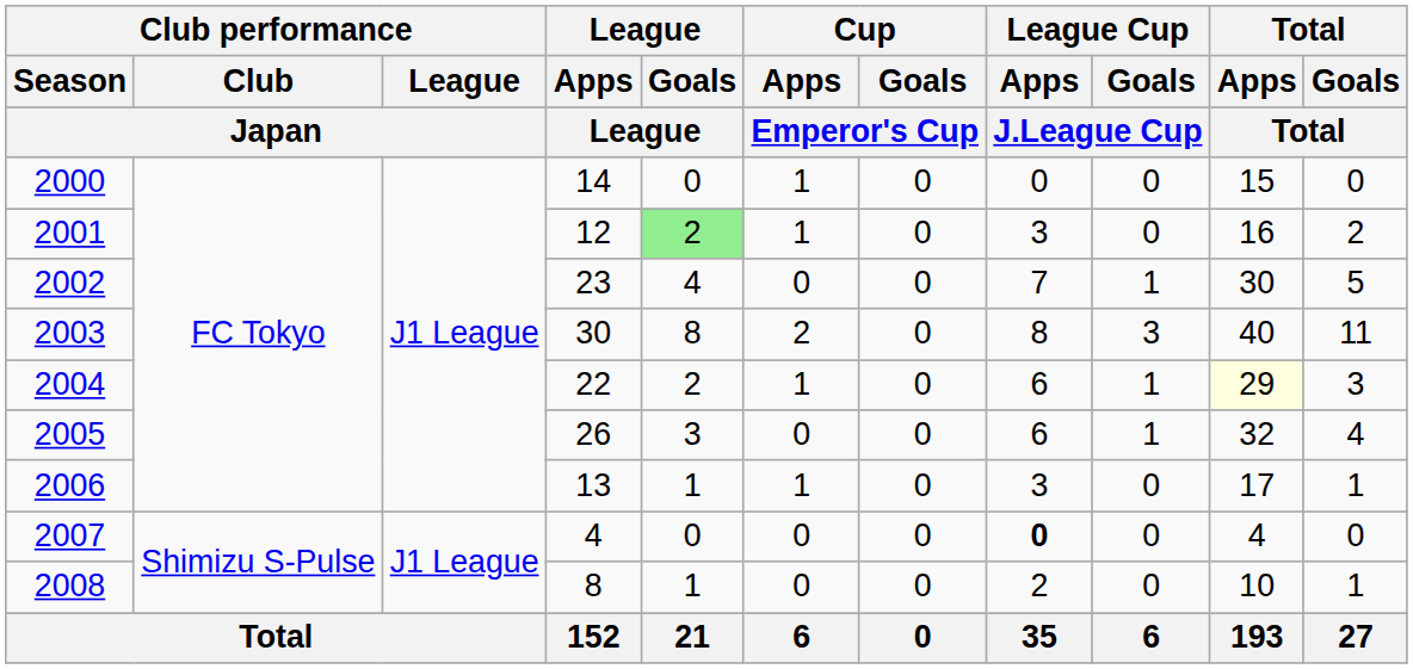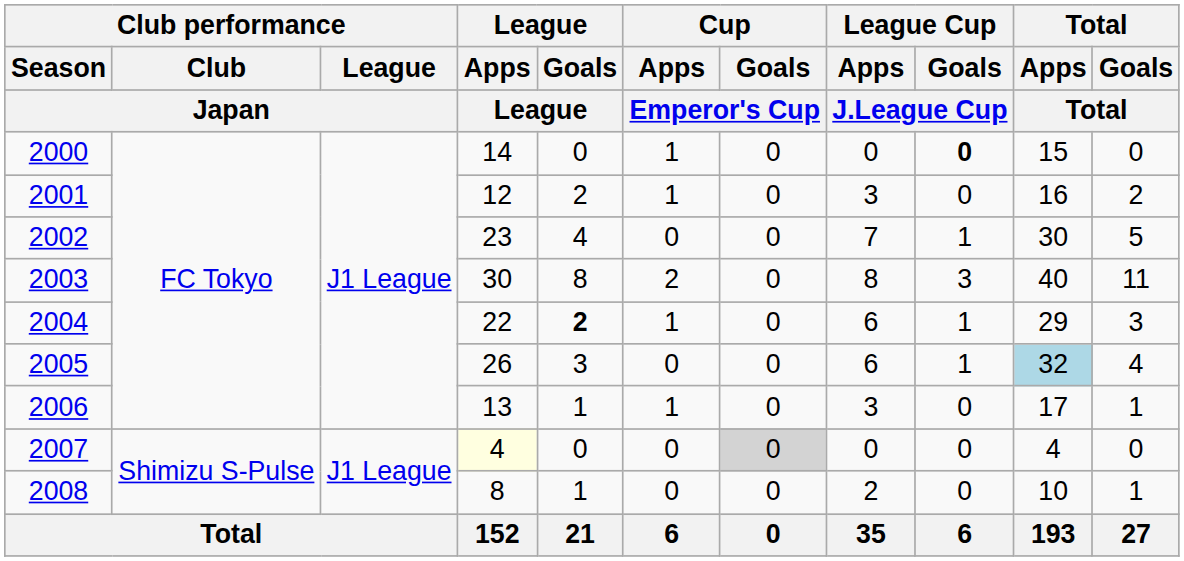 <table class="wikitable" style="text-align:center;">
 <tr>
 <th colspan=3>Club performance</th>
 <th colspan=2>League</th>
 <th colspan=2>Cup</th>
 <th colspan=2>League Cup</th>
 <th colspan=2>Total</th>
 </tr>
 <tr>
 <th>Season</th>
 <th>Club</th>
 <th>League</th>
 <th>Apps</th>
 <th>Goals</th>
 <th>Apps</th>
 <th>Goals</th>
 <th>Apps</th>
 <th>Goals</th>
 <th>Apps</th>
 <th>Goals</th>
 </tr>
 <tr>
 <th colspan=3>Japan</th>
 <th colspan=2>League</th>
 <th colspan=2><a href='#'>Emperor's Cup</a></th>
 <th colspan=2><a href='#'>J.League Cup</a></th>
 <th colspan=2>Total</th>
 </tr>
 <tr>
 <td><a href='#'>2000</a></td>
 <td rowspan="7"><a href='#'>FC Tokyo</a></td>
 <td rowspan="7"><a href='#'>J1 League</a></td>
 <td>14</td>
 <td>0</td>
 <td>1</td>
 <td>0</td>
 <td>0</td>
-<td>0</td>
+<td><strong>0</strong></td>
 <td>15</td>
 <td>0</td>
 </tr>
 <tr>
 <td><a href='#'>2001</a></td>
 <td>12</td>
-<td style="background: lightgreen;">2</td>
+<td>2</td>
 <td>1</td>
 <td>0</td>
 <td>3</td>
 <td>0</td>
 <td>16</td>
 <td>2</td>
 </tr>
 <tr>
 <td><a href='#'>2002</a></td>
 <td>23</td>
 <td>4</td>
 <td>0</td>
 <td>0</td>
 <td>7</td>
 <td>1</td>
 <td>30</td>
 <td>5</td>
 </tr>
 <tr>
 <td><a href='#'>2003</a></td>
 <td>30</td>
 <td>8</td>
 <td>2</td>
 <td>0</td>
 <td>8</td>
 <td>3</td>
 <td>40</td>
 <td>11</td>
 </tr>
 <tr>
 <td><a href='#'>2004</a></td>
 <td>22</td>
-<td>2</td>
+<td><strong>2</strong></td>
 <td>1</td>
 <td>0</td>
 <td>6</td>
 <td>1</td>
-<td style="background: lightyellow;">29</td>
+<td>29</td>
 <td>3</td>
 </tr>
 <tr>
 <td><a href='#'>2005</a></td>
 <td>26</td>
 <td>3</td>
 <td>0</td>
 <td>0</td>
 <td>6</td>
 <td>1</td>
-<td>32</td>
+<td style="background: lightblue;">32</td>
 <td>4</td>
 </tr>
 <tr>
 <td><a href='#'>2006</a></td>
 <td>13</td>
 <td>1</td>
 <td>1</td>
 <td>0</td>
 <td>3</td>
 <td>0</td>
 <td>17</td>
 <td>1</td>
 </tr>
 <tr>
 <td><a href='#'>2007</a></td>
 <td rowspan="2"><a href='#'>Shimizu S-Pulse</a></td>
 <td rowspan="2"><a href='#'>J1 League</a></td>
-<td>4</td>
+<td style="background: lightyellow;">4</td>
 <td>0</td>
 <td>0</td>
+<td style="background: lightgrey;">0</td>
 <td>0</td>
-<td><strong>0</strong></td>
 <td>0</td>
 <td>4</td>
 <td>0</td>
 </tr>
 <tr>
 <td><a href='#'>2008</a></td>
 <td>8</td>
 <td>1</td>
 <td>0</td>
 <td>0</td>
 <td>2</td>
 <td>0</td>
 <td>10</td>
 <td>1</td>
 </tr>
 <tr>
 <th colspan=3>Total</th>
 <th>152</th>
 <th>21</th>
 <th>6</th>
 <th>0</th>
 <th>35</th>
 <th>6</th>
 <th>193</th>
 <th>27</th>
 </tr>
 </table>
